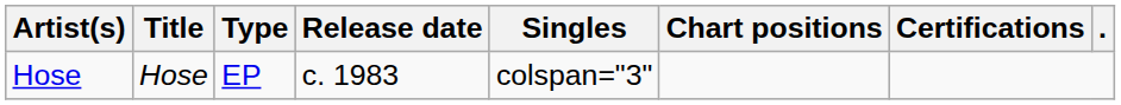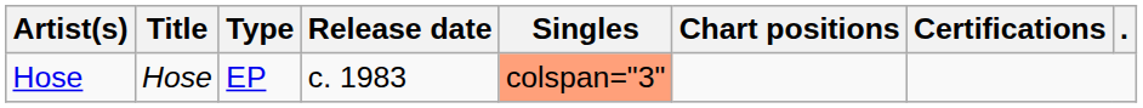 <table class="wikitable">
 <tr>
 <th>Artist(s)</th>
 <th>Title</th>
 <th>Type</th>
 <th>Release date</th>
 <th>Singles</th>
 <th>Chart positions</th>
 <th>Certifications</th>
 <th>.</th>
 </tr>
 <tr>
 <td><a href='#'>Hose</a></td>
 <td><em>Hose</em></td>
 <td><a href='#'>EP</a></td>
 <td>c. 1983</td>
-<td>colspan="3" </td>
+<td style="background: lightsalmon;">colspan="3" </td>
 <td></td>
 </tr>
 </table>
